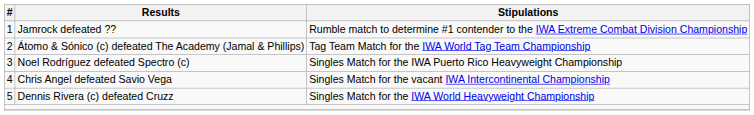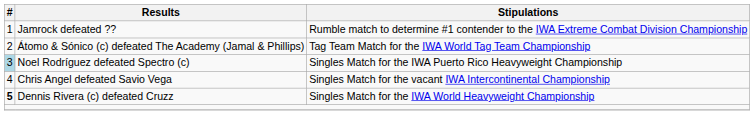 <table class="wikitable">
 <tr>
 <th>#</th>
 <th>Results</th>
 <th>Stipulations</th>
 </tr>
 <tr>
 <td>1</td>
 <td>Jamrock defeated ??</td>
 <td>Rumble match to determine #1 contender to the <a href='#'>IWA Extreme Combat Division Championship</a></td>
 </tr>
 <tr>
 <td>2</td>
 <td>Átomo & Sónico (c) defeated The Academy (Jamal & Phillips)</td>
 <td>Tag Team Match for the <a href='#'>IWA World Tag Team Championship</a></td>
 </tr>
 <tr>
-<td>3</td>
+<td style="background: lightblue;">3</td>
 <td>Noel Rodríguez defeated Spectro (c)</td>
 <td>Singles Match for the IWA Puerto Rico Heavyweight Championship</td>
 </tr>
 <tr>
 <td>4</td>
 <td>Chris Angel defeated Savio Vega</td>
 <td>Singles Match for the vacant <a href='#'>IWA Intercontinental Championship</a></td>
 </tr>
 <tr>
-<td>5</td>
+<td><strong>5</strong></td>
 <td>Dennis Rivera (c) defeated Cruzz</td>
 <td>Singles Match for the <a href='#'>IWA World Heavyweight Championship</a></td>
 </tr>
 <tr>
 <td colspan="10"></td>
 </tr>
 <tr>
 </tr>
 </table>
